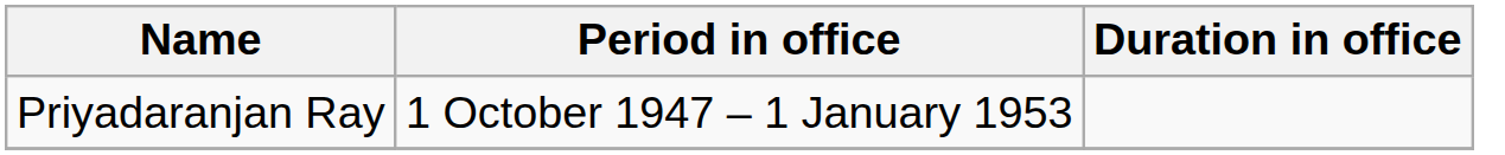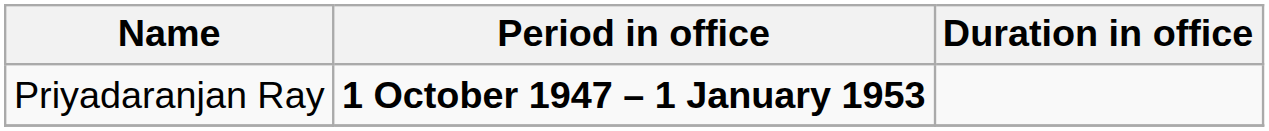 <table class="wikitable">
 <tr>
 <th>Name</th>
 <th>Period in office</th>
 <th>Duration in office</th>
 </tr>
 <tr>
 <td>Priyadaranjan Ray</td>
-<td>1 October 1947 – 1 January 1953</td>
+<td><strong>1 October 1947 – 1 January 1953</strong></td>
 <td></td>
 </tr>
 <tr>
 </tr>
 </table>
